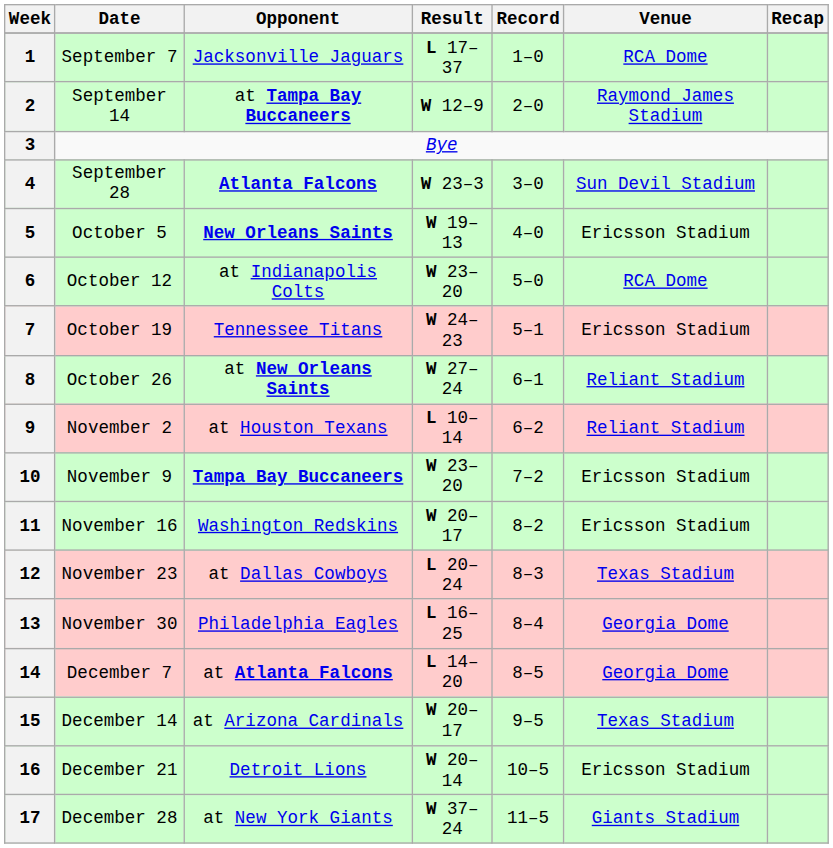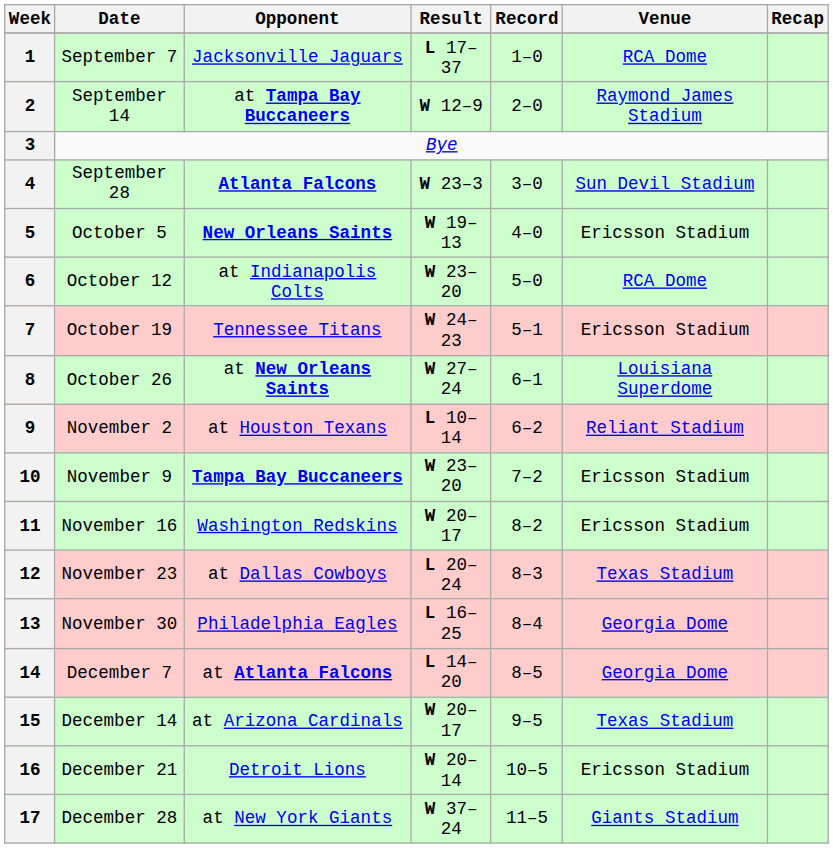 <table class="wikitable" style="text-align:center">
 <tr>
 <th>Week</th>
 <th>Date</th>
 <th>Opponent</th>
 <th>Result</th>
 <th>Record</th>
 <th>Venue</th>
 <th>Recap</th>
 </tr>
 <tr>
 </tr>
 <tr align="center" bgcolor="#cfc">
 <th>1</th>
 <td>September 7</td>
 <td><a href='#'>Jacksonville Jaguars</a></td>
 <td><strong>L</strong> 17–37</td>
 <td>1–0</td>
 <td><a href='#'>RCA Dome</a></td>
 <td></td>
 </tr>
 <tr align="center" bgcolor="#cfc">
 <th>2</th>
 <td>September 14</td>
 <td>at <strong><a href='#'>Tampa Bay Buccaneers</a></strong></td>
 <td><strong>W</strong> 12–9 </td>
 <td>2–0</td>
 <td><a href='#'>Raymond James Stadium</a></td>
 <td></td>
 </tr>
 <tr align="center">
 <th>3</th>
 <td colspan="8"><em><a href='#'>Bye</a></em></td>
 </tr>
 <tr align="center" bgcolor="#cfc">
 <th>4</th>
 <td>September 28</td>
 <td><strong><a href='#'>Atlanta Falcons</a></strong></td>
 <td><strong>W</strong> 23–3</td>
 <td>3–0</td>
 <td><a href='#'>Sun Devil Stadium</a></td>
 <td></td>
 </tr>
 <tr align="center" bgcolor="#cfc">
 <th>5</th>
 <td>October 5</td>
 <td><strong><a href='#'>New Orleans Saints</a></strong></td>
 <td><strong>W</strong> 19–13</td>
 <td>4–0</td>
 <td>Ericsson Stadium</td>
 <td></td>
 </tr>
 <tr align="center" bgcolor="#cfc">
 <th>6</th>
 <td>October 12</td>
 <td>at <a href='#'>Indianapolis Colts</a></td>
 <td><strong>W</strong> 23–20 </td>
 <td>5–0</td>
 <td><a href='#'>RCA Dome</a></td>
 <td></td>
 </tr>
 <tr align="center" bgcolor="#fcc">
 <th>7</th>
 <td>October 19</td>
 <td><a href='#'>Tennessee Titans</a></td>
 <td><strong>W</strong> 24–23</td>
 <td>5–1</td>
 <td>Ericsson Stadium</td>
 <td></td>
 </tr>
 <tr align="center" bgcolor="#cfc">
 <th>8</th>
 <td>October 26</td>
 <td>at <strong><a href='#'>New Orleans Saints</a></strong></td>
 <td><strong>W</strong> 27–24</td>
 <td>6–1</td>
-<td><a href='#'>Reliant Stadium</a></td>
+<td><a href='#'>Louisiana Superdome</a></td>
 <td></td>
 </tr>
 <tr align="center" bgcolor="#fcc">
 <th>9</th>
 <td>November 2</td>
 <td>at <a href='#'>Houston Texans</a></td>
 <td><strong>L</strong> 10–14</td>
 <td>6–2</td>
 <td><a href='#'>Reliant Stadium</a></td>
 <td></td>
 </tr>
 <tr align="center" bgcolor="#cfc">
 <th>10</th>
 <td>November 9</td>
 <td><strong><a href='#'>Tampa Bay Buccaneers</a></strong></td>
 <td><strong>W</strong> 23–20 </td>
 <td>7–2</td>
 <td>Ericsson Stadium</td>
 <td></td>
 </tr>
 <tr align="center" bgcolor="#cfc">
 <th>11</th>
 <td>November 16</td>
 <td><a href='#'>Washington Redskins</a></td>
 <td><strong>W</strong> 20–17</td>
 <td>8–2</td>
 <td>Ericsson Stadium</td>
 <td></td>
 </tr>
 <tr align="center" bgcolor="#fcc">
 <th>12</th>
 <td>November 23</td>
 <td>at <a href='#'>Dallas Cowboys</a></td>
 <td><strong>L</strong> 20–24</td>
 <td>8–3</td>
 <td><a href='#'>Texas Stadium</a></td>
 <td></td>
 </tr>
 <tr align="center" bgcolor="#fcc">
 <th>13</th>
 <td>November 30</td>
 <td><a href='#'>Philadelphia Eagles</a></td>
 <td><strong>L</strong> 16–25</td>
 <td>8–4</td>
 <td><a href='#'>Georgia Dome</a></td>
 <td></td>
 </tr>
 <tr align="center" bgcolor="#fcc">
 <th>14</th>
 <td>December 7</td>
 <td>at <strong><a href='#'>Atlanta Falcons</a></strong></td>
 <td><strong>L</strong> 14–20 </td>
 <td>8–5</td>
 <td><a href='#'>Georgia Dome</a></td>
 <td></td>
 </tr>
 <tr align="center" bgcolor="#cfc">
 <th>15</th>
 <td>December 14</td>
 <td>at <a href='#'>Arizona Cardinals</a></td>
 <td><strong>W</strong> 20–17</td>
 <td>9–5</td>
 <td><a href='#'>Texas Stadium</a></td>
 <td></td>
 </tr>
 <tr align="center" bgcolor="#cfc">
 <th>16</th>
 <td>December 21</td>
 <td><a href='#'>Detroit Lions</a></td>
 <td><strong>W</strong> 20–14</td>
 <td>10–5</td>
 <td>Ericsson Stadium</td>
 <td></td>
 </tr>
 <tr align="center" bgcolor="#cfc">
 <th>17</th>
 <td>December 28</td>
 <td>at <a href='#'>New York Giants</a></td>
 <td><strong>W</strong> 37–24</td>
 <td>11–5</td>
 <td><a href='#'>Giants Stadium</a></td>
 <td></td>
 </tr>
 </table>
